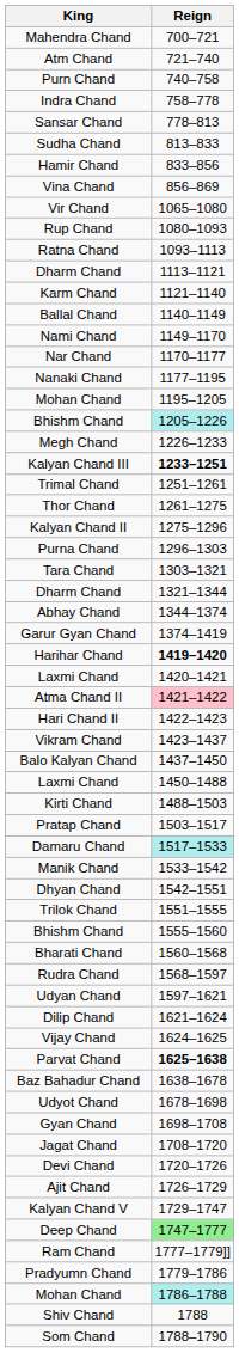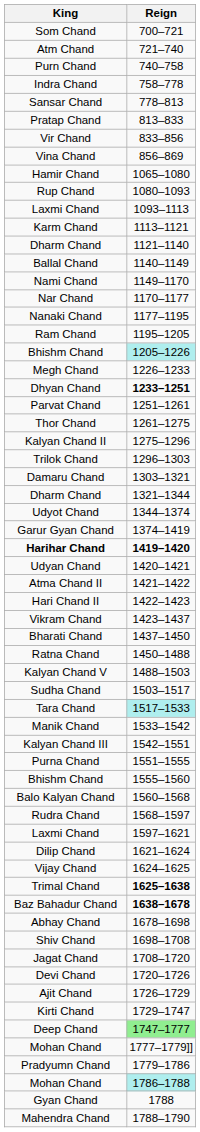 <table class="sortable wikitable" style="text-align:center;font-size: 11pt">
 <tr>
 <th width="150" rowspan="1">King</th>
 <th rowspan="1">Reign</th>
 </tr>
 <tr>
-<td>Mahendra Chand</td>
+<td>Som Chand</td>
 <td>700–721</td>
 </tr>
 <tr>
 <td>Atm Chand</td>
 <td>721–740</td>
 </tr>
 <tr>
 <td>Purn Chand</td>
 <td>740–758</td>
 </tr>
 <tr>
 <td>Indra Chand</td>
 <td>758–778</td>
 </tr>
 <tr>
 <td>Sansar Chand</td>
 <td>778–813</td>
 </tr>
 <tr>
-<td>Sudha Chand</td>
+<td>Pratap Chand</td>
 <td>813–833</td>
 </tr>
 <tr>
-<td>Hamir Chand</td>
+<td>Vir Chand</td>
 <td>833–856</td>
 </tr>
 <tr>
 <td>Vina Chand</td>
 <td>856–869</td>
 </tr>
 <tr>
-<td>Vir Chand</td>
+<td>Hamir Chand</td>
 <td>1065–1080</td>
 </tr>
 <tr>
 <td>Rup Chand</td>
 <td>1080–1093</td>
 </tr>
 <tr>
-<td>Ratna Chand</td>
+<td>Laxmi Chand</td>
 <td>1093–1113</td>
 </tr>
 <tr>
-<td>Dharm Chand</td>
+<td>Karm Chand</td>
 <td>1113–1121</td>
 </tr>
 <tr>
-<td>Karm Chand</td>
+<td>Dharm Chand</td>
 <td>1121–1140</td>
 </tr>
 <tr>
 <td>Ballal Chand</td>
 <td>1140–1149</td>
 </tr>
 <tr>
 <td>Nami Chand</td>
 <td>1149–1170</td>
 </tr>
 <tr>
 <td>Nar Chand</td>
 <td>1170–1177</td>
 </tr>
 <tr>
 <td>Nanaki Chand</td>
 <td>1177–1195</td>
 </tr>
 <tr>
-<td>Mohan Chand</td>
+<td>Ram Chand</td>
 <td>1195–1205</td>
 </tr>
 <tr>
 <td>Bhishm Chand</td>
 <td style="background: paleturquoise;">1205–1226</td>
 </tr>
 <tr>
 <td>Megh Chand</td>
 <td>1226–1233</td>
 </tr>
 <tr>
-<td>Kalyan Chand III</td>
+<td>Dhyan Chand</td>
 <td><strong>1233–1251</strong></td>
 </tr>
 <tr>
-<td>Trimal Chand</td>
+<td>Parvat Chand</td>
 <td>1251–1261</td>
 </tr>
 <tr>
 <td>Thor Chand</td>
 <td>1261–1275</td>
 </tr>
 <tr>
 <td>Kalyan Chand II</td>
 <td>1275–1296</td>
 </tr>
 <tr>
-<td>Purna Chand</td>
+<td>Trilok Chand</td>
 <td>1296–1303</td>
 </tr>
 <tr>
-<td>Tara Chand</td>
+<td>Damaru Chand</td>
 <td>1303–1321</td>
 </tr>
 <tr>
 <td>Dharm Chand</td>
 <td>1321–1344</td>
 </tr>
 <tr>
-<td>Abhay Chand</td>
+<td>Udyot Chand</td>
 <td>1344–1374</td>
 </tr>
 <tr>
 <td>Garur Gyan Chand</td>
 <td>1374–1419</td>
 </tr>
 <tr>
-<td>Harihar Chand</td>
+<td><strong>Harihar Chand</strong></td>
 <td><strong>1419–1420</strong></td>
 </tr>
 <tr>
-<td>Laxmi Chand</td>
+<td>Udyan Chand</td>
 <td>1420–1421</td>
 </tr>
 <tr>
 <td>Atma Chand II</td>
-<td style="background: pink;">1421–1422</td>
+<td>1421–1422</td>
 </tr>
 <tr>
 <td>Hari Chand II</td>
 <td>1422–1423</td>
 </tr>
 <tr>
 <td>Vikram Chand</td>
 <td>1423–1437</td>
 </tr>
 <tr>
-<td>Balo Kalyan Chand</td>
+<td>Bharati Chand</td>
 <td>1437–1450</td>
 </tr>
 <tr>
-<td>Laxmi Chand</td>
+<td>Ratna Chand</td>
 <td>1450–1488</td>
 </tr>
 <tr>
-<td>Kirti Chand</td>
+<td>Kalyan Chand V</td>
 <td>1488–1503</td>
 </tr>
 <tr>
-<td>Pratap Chand</td>
+<td>Sudha Chand</td>
 <td>1503–1517</td>
 </tr>
 <tr>
-<td>Damaru Chand</td>
+<td>Tara Chand</td>
 <td style="background: paleturquoise;">1517–1533</td>
 </tr>
 <tr>
 <td>Manik Chand</td>
 <td>1533–1542</td>
 </tr>
 <tr>
-<td>Dhyan Chand</td>
+<td>Kalyan Chand III</td>
 <td>1542–1551</td>
 </tr>
 <tr>
-<td>Trilok Chand</td>
+<td>Purna Chand</td>
 <td>1551–1555</td>
 </tr>
 <tr>
 <td>Bhishm Chand</td>
 <td>1555–1560</td>
 </tr>
 <tr>
-<td>Bharati Chand</td>
+<td>Balo Kalyan Chand</td>
 <td>1560–1568</td>
 </tr>
 <tr>
 <td>Rudra Chand</td>
 <td>1568–1597</td>
 </tr>
 <tr>
-<td>Udyan Chand</td>
+<td>Laxmi Chand</td>
 <td>1597–1621</td>
 </tr>
 <tr>
 <td>Dilip Chand</td>
 <td>1621–1624</td>
 </tr>
 <tr>
 <td>Vijay Chand</td>
 <td>1624–1625</td>
 </tr>
 <tr>
-<td>Parvat Chand</td>
+<td>Trimal Chand</td>
 <td><strong>1625–1638</strong></td>
 </tr>
 <tr>
 <td>Baz Bahadur Chand</td>
-<td>1638–1678</td>
+<td><strong>1638–1678</strong></td>
 </tr>
 <tr>
-<td>Udyot Chand</td>
+<td>Abhay Chand</td>
 <td>1678–1698</td>
 </tr>
 <tr>
-<td>Gyan Chand</td>
+<td>Shiv Chand</td>
 <td>1698–1708</td>
 </tr>
 <tr>
 <td>Jagat Chand</td>
 <td>1708–1720</td>
 </tr>
 <tr>
 <td>Devi Chand</td>
 <td>1720–1726</td>
 </tr>
 <tr>
 <td>Ajit Chand</td>
 <td>1726–1729</td>
 </tr>
 <tr>
-<td>Kalyan Chand V</td>
+<td>Kirti Chand</td>
 <td>1729–1747</td>
 </tr>
 <tr>
 <td>Deep Chand</td>
 <td style="background: lightgreen;">1747–1777</td>
 </tr>
 <tr>
-<td>Ram Chand</td>
+<td>Mohan Chand</td>
 <td>1777–1779]]</td>
 </tr>
 <tr>
 <td>Pradyumn Chand</td>
 <td>1779–1786</td>
 </tr>
 <tr>
 <td>Mohan Chand</td>
 <td style="background: paleturquoise;">1786–1788</td>
 </tr>
 <tr>
-<td>Shiv Chand</td>
+<td>Gyan Chand</td>
 <td>1788</td>
 </tr>
 <tr>
-<td>Som Chand</td>
+<td>Mahendra Chand</td>
 <td>1788–1790</td>
 </tr>
 </table>
